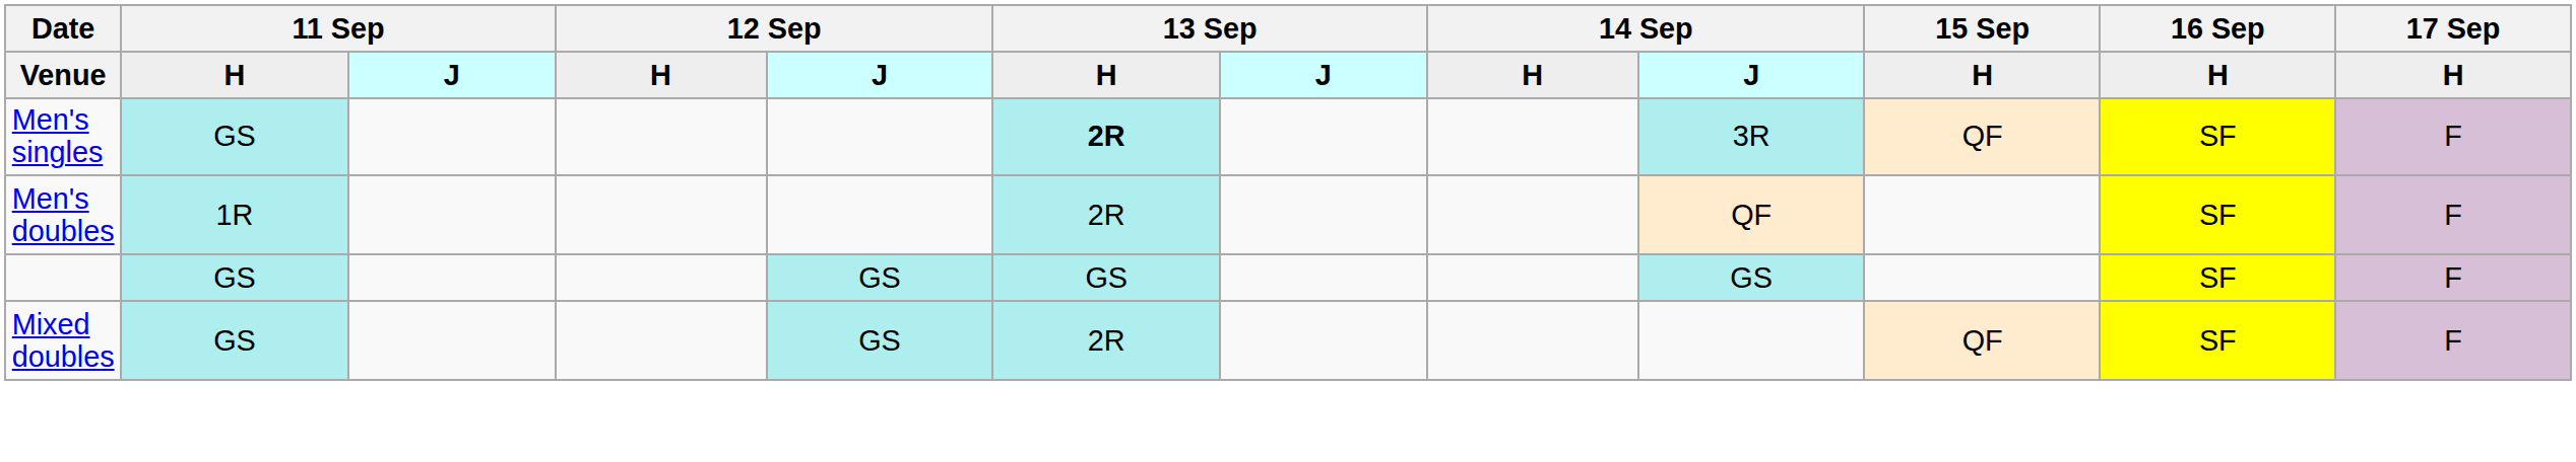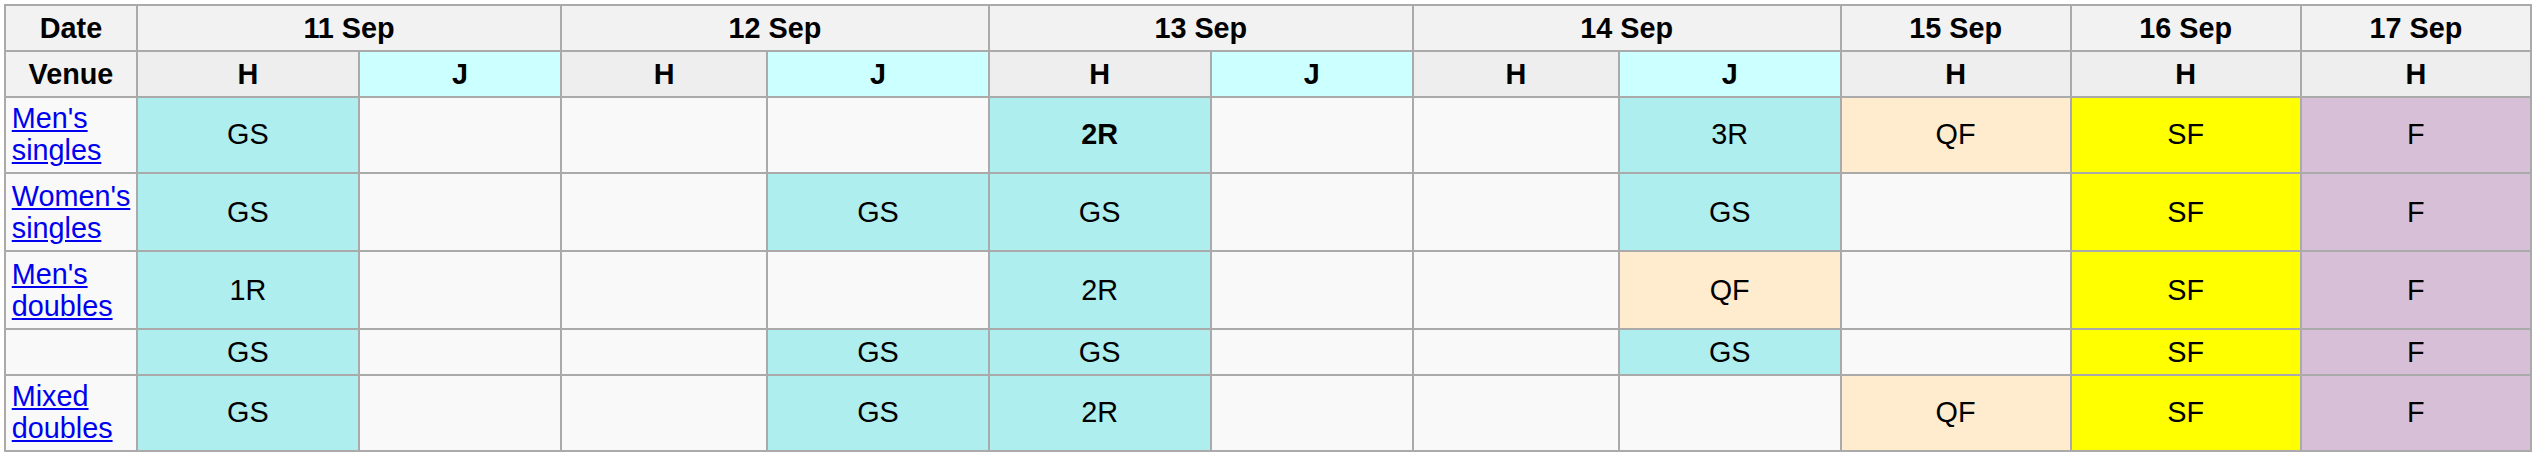 <table class="wikitable" style="margin:0.5em auto; font-size:90%; text-align:center; nowrap:yes">
 <tr>
 <th>Date</th>
 <th colspan="2">11 Sep</th>
 <th colspan="2">12 Sep</th>
 <th colspan="2">13 Sep</th>
 <th colspan="2">14 Sep</th>
 <th>15 Sep</th>
 <th>16 Sep</th>
 <th>17 Sep</th>
 </tr>
 <tr>
 <th>Venue</th>
 <th style="background-color:#EEEEEE; width:25em">H</th>
 <th style="background-color:#CCFFFF; width:25em">J</th>
 <th style="background-color:#EEEEEE; width:25em">H</th>
 <th style="background-color:#CCFFFF; width:25em">J</th>
 <th style="background-color:#EEEEEE; width:25em">H</th>
 <th style="background-color:#CCFFFF; width:25em">J</th>
 <th style="background-color:#EEEEEE; width:25em">H</th>
 <th style="background-color:#CCFFFF; width:25em">J</th>
 <th style="background-color:#EEEEEE; width:25em">H</th>
 <th style="background-color:#EEEEEE; width:25em">H</th>
 <th style="background-color:#EEEEEE; width:25em">H</th>
 </tr>
 <tr>
 <td align="left"><a href='#'>Men's singles</a></td>
 <td bgcolor="#AFEEEE">GS</td>
 <td></td>
 <td></td>
 <td></td>
 <td bgcolor="#AFEEEE"><strong>2R</strong></td>
 <td></td>
 <td></td>
 <td bgcolor="#AFEEEE">3R</td>
 <td bgcolor="#FFEBCD">QF</td>
+<td bgcolor="#FFFF00">SF</td>
+<td bgcolor="#D8BFD8">F</td>
+</tr>
+<tr>
+<td align="left"><a href='#'>Women's singles</a></td>
+<td bgcolor="#AFEEEE">GS</td>
+<td></td>
+<td></td>
+<td bgcolor="#AFEEEE">GS</td>
+<td bgcolor="#AFEEEE">GS</td>
+<td></td>
+<td></td>
+<td bgcolor="#AFEEEE">GS</td>
+<td></td>
 <td bgcolor="#FFFF00">SF</td>
 <td bgcolor="#D8BFD8">F</td>
 </tr>
 <tr>
 <td align="left"><a href='#'>Men's doubles</a></td>
 <td bgcolor="#AFEEEE">1R</td>
 <td></td>
 <td></td>
 <td></td>
 <td bgcolor="#AFEEEE">2R</td>
 <td></td>
 <td></td>
 <td bgcolor="#FFEBCD">QF</td>
 <td></td>
 <td bgcolor="#FFFF00">SF</td>
 <td bgcolor="#D8BFD8">F</td>
 </tr>
 <tr>
 <td align="left"></td>
 <td bgcolor="#AFEEEE">GS</td>
 <td></td>
 <td></td>
 <td bgcolor="#AFEEEE">GS</td>
 <td bgcolor="#AFEEEE">GS</td>
 <td></td>
 <td></td>
 <td bgcolor="#AFEEEE">GS</td>
 <td></td>
 <td bgcolor="#FFFF00">SF</td>
 <td bgcolor="#D8BFD8">F</td>
 </tr>
 <tr>
 <td align="left"><a href='#'>Mixed doubles</a></td>
 <td bgcolor="#AFEEEE">GS</td>
 <td></td>
 <td></td>
 <td bgcolor="#AFEEEE">GS</td>
 <td bgcolor="#AFEEEE">2R</td>
 <td></td>
 <td></td>
 <td></td>
 <td bgcolor="#FFEBCD">QF</td>
 <td bgcolor="#FFFF00">SF</td>
 <td bgcolor="#D8BFD8">F</td>
 </tr>
 </table>
